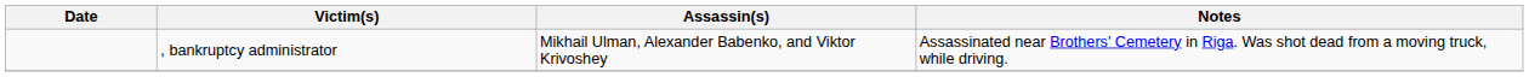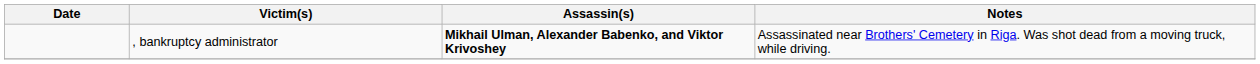 <table class="wikitable sortable" style="width:100%">
 <tr>
 <th style="width:10%">Date</th>
 <th style="width:25%">Victim(s)</th>
 <th style="width:25%">Assassin(s)</th>
 <th style="width:40%">Notes</th>
 </tr>
 <tr>
 <td></td>
 <td>, bankruptcy administrator</td>
-<td>Mikhail Ulman, Alexander Babenko, and Viktor Krivoshey</td>
+<td><strong>Mikhail Ulman, Alexander Babenko, and Viktor Krivoshey</strong></td>
 <td>Assassinated near <a href='#'>Brothers' Cemetery</a> in <a href='#'>Riga</a>. Was shot dead from a moving truck, while driving.</td>
 </tr>
 <tr>
 </tr>
 </table>
